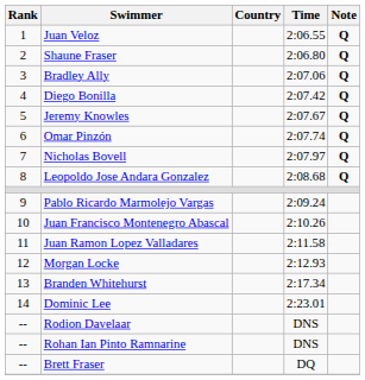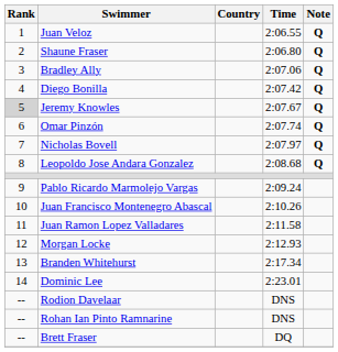 <table class="wikitable" style="text-align:center">
 <tr>
 <th>Rank</th>
 <th>Swimmer</th>
 <th>Country</th>
 <th>Time</th>
 <th>Note</th>
 </tr>
 <tr>
 <td>1</td>
 <td align=left><a href='#'>Juan Veloz</a></td>
 <td align=left></td>
 <td>2:06.55</td>
 <td><strong>Q</strong></td>
 </tr>
 <tr>
 <td>2</td>
 <td align=left><a href='#'>Shaune Fraser</a></td>
 <td align=left></td>
 <td>2:06.80</td>
 <td><strong>Q</strong></td>
 </tr>
 <tr>
 <td>3</td>
 <td align=left><a href='#'>Bradley Ally</a></td>
 <td align=left></td>
 <td>2:07.06</td>
 <td><strong>Q</strong></td>
 </tr>
 <tr>
 <td>4</td>
 <td align=left><a href='#'>Diego Bonilla</a></td>
 <td align=left></td>
 <td>2:07.42</td>
 <td><strong>Q</strong></td>
 </tr>
 <tr>
-<td>5</td>
+<td style="background: lightgrey;">5</td>
 <td align=left><a href='#'>Jeremy Knowles</a></td>
 <td align=left></td>
 <td>2:07.67</td>
 <td><strong>Q</strong></td>
 </tr>
 <tr>
 <td>6</td>
 <td align=left><a href='#'>Omar Pinzón</a></td>
 <td align=left></td>
 <td>2:07.74</td>
 <td><strong>Q</strong></td>
 </tr>
 <tr>
 <td>7</td>
 <td align=left><a href='#'>Nicholas Bovell</a></td>
 <td align=left></td>
 <td>2:07.97</td>
 <td><strong>Q</strong></td>
 </tr>
 <tr>
 <td>8</td>
 <td align=left><a href='#'>Leopoldo Jose Andara Gonzalez</a></td>
 <td align=left></td>
 <td>2:08.68</td>
 <td><strong>Q</strong></td>
 </tr>
 <tr bgcolor=#DDDDDD>
 <td colspan=5></td>
 </tr>
 <tr>
 <td>9</td>
 <td align=left><a href='#'>Pablo Ricardo Marmolejo Vargas</a></td>
 <td align=left></td>
 <td>2:09.24</td>
 <td></td>
 </tr>
 <tr>
 <td>10</td>
 <td align=left><a href='#'>Juan Francisco Montenegro Abascal</a></td>
 <td align=left></td>
 <td>2:10.26</td>
 <td></td>
 </tr>
 <tr>
 <td>11</td>
 <td align=left><a href='#'>Juan Ramon Lopez Valladares</a></td>
 <td align=left></td>
 <td>2:11.58</td>
 <td></td>
 </tr>
 <tr>
 <td>12</td>
 <td align=left><a href='#'>Morgan Locke</a></td>
 <td align=left></td>
 <td>2:12.93</td>
 <td></td>
 </tr>
 <tr>
 <td>13</td>
 <td align=left><a href='#'>Branden Whitehurst</a></td>
 <td align=left></td>
 <td>2:17.34</td>
 <td></td>
 </tr>
 <tr>
 <td>14</td>
 <td align=left><a href='#'>Dominic Lee</a></td>
 <td align=left></td>
 <td>2:23.01</td>
 <td></td>
 </tr>
 <tr>
 <td>--</td>
 <td align=left><a href='#'>Rodion Davelaar</a></td>
 <td align=left></td>
 <td>DNS</td>
 <td></td>
 </tr>
 <tr>
 <td>--</td>
 <td align=left><a href='#'>Rohan Ian Pinto Ramnarine</a></td>
 <td align=left></td>
 <td>DNS</td>
 <td></td>
 </tr>
 <tr>
 <td>--</td>
 <td align=left><a href='#'>Brett Fraser</a></td>
 <td align=left></td>
 <td>DQ</td>
 <td></td>
 </tr>
 <tr>
 </tr>
 </table>
